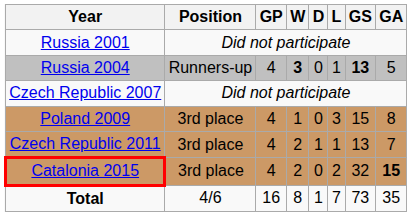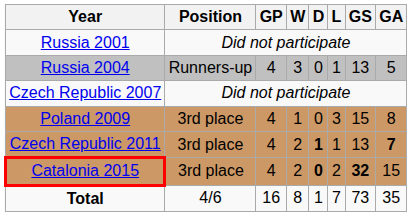 <table class="wikitable" style="text-align: center;">
 <tr>
 <th>Year</th>
 <th>Position</th>
 <th>GP</th>
 <th>W</th>
 <th>D</th>
 <th>L</th>
 <th>GS</th>
 <th>GA</th>
 </tr>
 <tr>
 <td><a href='#'>Russia 2001</a></td>
 <td colspan="7"><em>Did not participate</em></td>
 </tr>
 <tr bgcolor=silver>
 <td><a href='#'>Russia 2004</a></td>
 <td>Runners-up</td>
 <td>4</td>
-<td><strong>3</strong></td>
+<td>3</td>
 <td>0</td>
 <td>1</td>
-<td><strong>13</strong></td>
+<td>13</td>
 <td>5</td>
 </tr>
 <tr>
 <td><a href='#'>Czech Republic 2007</a></td>
 <td colspan="7"><em>Did not participate</em></td>
 </tr>
 <tr bgcolor="#cc9966">
 <td><a href='#'>Poland 2009</a></td>
 <td>3rd place</td>
 <td>4</td>
 <td>1</td>
 <td>0</td>
 <td>3</td>
 <td>15</td>
 <td>8</td>
 </tr>
 <tr bgcolor="#cc9966">
 <td><a href='#'>Czech Republic 2011</a></td>
 <td>3rd place</td>
 <td>4</td>
 <td>2</td>
-<td>1</td>
+<td><strong>1</strong></td>
 <td>1</td>
 <td>13</td>
-<td>7</td>
+<td><strong>7</strong></td>
 </tr>
 <tr bgcolor="#cc9966">
 <td style="border: 3px solid red"><a href='#'>Catalonia 2015</a></td>
 <td>3rd place</td>
 <td>4</td>
 <td>2</td>
-<td>0</td>
+<td><strong>0</strong></td>
 <td>2</td>
-<td>32</td>
-<td><strong>15</strong></td>
+<td><strong>32</strong></td>
+<td>15</td>
 </tr>
 <tr>
 <td><strong>Total</strong></td>
 <td>4/6</td>
 <td>16</td>
 <td>8</td>
 <td>1</td>
 <td>7</td>
 <td>73</td>
 <td>35</td>
 </tr>
 </table>
